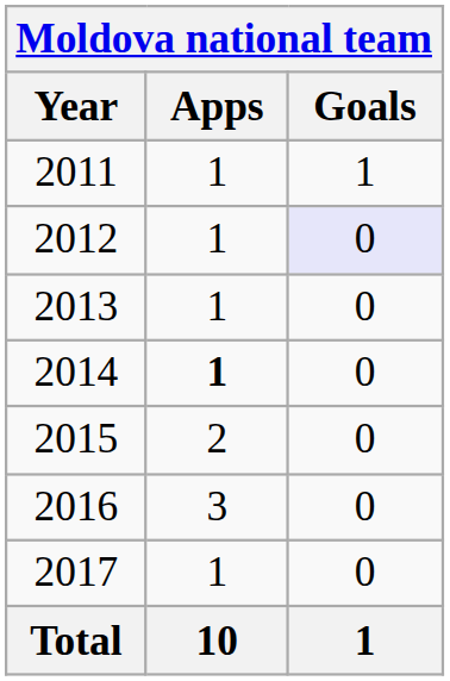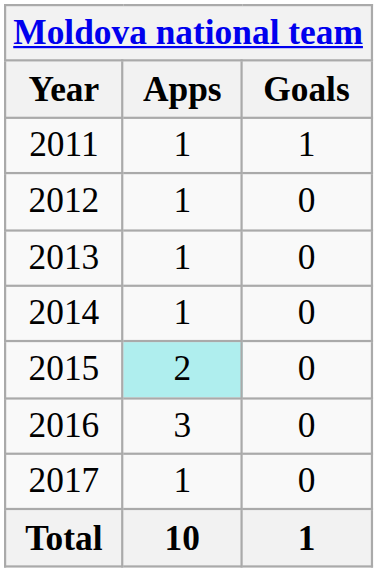 <table class="wikitable" style="text-align:center">
 <tr>
 <th colspan=3><a href='#'>Moldova national team</a></th>
 </tr>
 <tr>
 <th>Year</th>
 <th>Apps</th>
 <th>Goals</th>
 </tr>
 <tr>
 <td>2011</td>
 <td>1</td>
 <td>1</td>
 </tr>
 <tr>
 <td>2012</td>
 <td>1</td>
-<td style="background: lavender;">0</td>
+<td>0</td>
 </tr>
 <tr>
 <td>2013</td>
 <td>1</td>
 <td>0</td>
 </tr>
 <tr>
 <td>2014</td>
-<td><strong>1</strong></td>
+<td>1</td>
 <td>0</td>
 </tr>
 <tr>
 <td>2015</td>
-<td>2</td>
+<td style="background: paleturquoise;">2</td>
 <td>0</td>
 </tr>
 <tr>
 <td>2016</td>
 <td>3</td>
 <td>0</td>
 </tr>
 <tr>
 <td>2017</td>
 <td>1</td>
 <td>0</td>
 </tr>
 <tr>
 <th>Total</th>
 <th>10</th>
 <th>1</th>
 </tr>
 </table>
